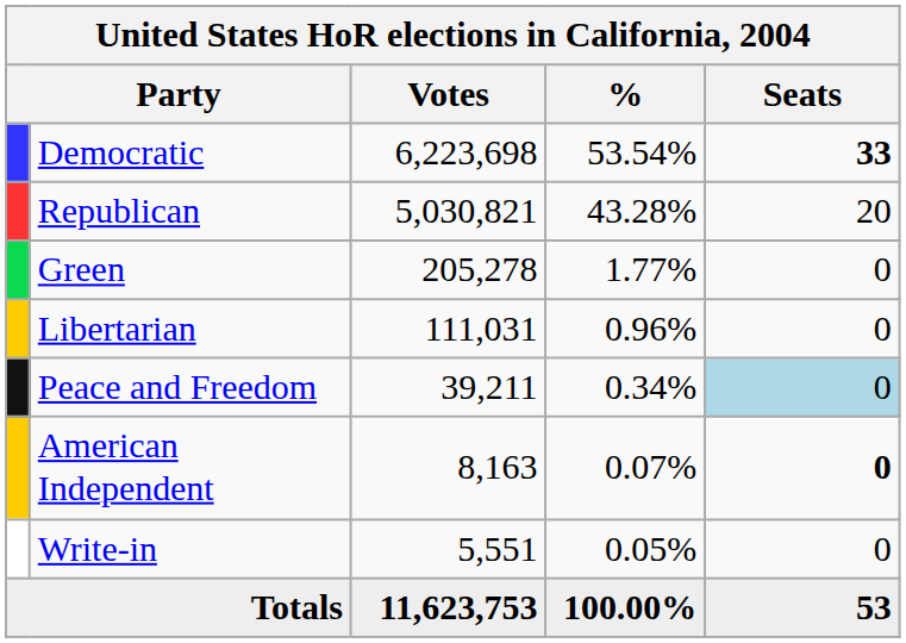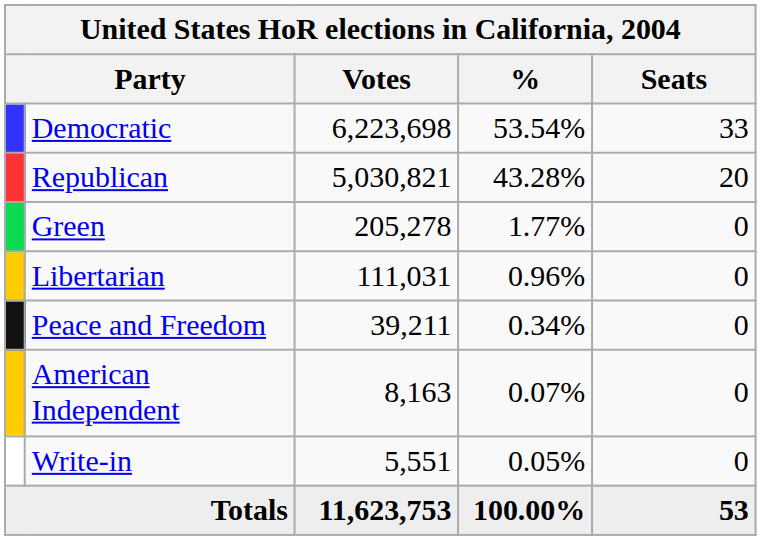 <table class="wikitable" style="font-size: 95%;">
 <tr>
 <th colspan="7">United States HoR elections in California, 2004</th>
 </tr>
 <tr>
 <th colspan=2 style="width: 5em">Party</th>
 <th style="width: 5em">Votes</th>
 <th style="width: 4em">%</th>
 <th style="width: 5em">Seats</th>
 </tr>
 <tr>
 <th style="background-color:#3333FF; width: 3px"></th>
 <td style="width: 130px"><a href='#'>Democratic</a></td>
 <td align="right">6,223,698</td>
 <td align="right">53.54%</td>
-<td align="right"><strong>33</strong></td>
+<td align="right">33</td>
 </tr>
 <tr>
 <th style="background-color:#FF3333; width: 3px"></th>
 <td style="width: 130px"><a href='#'>Republican</a></td>
 <td align="right">5,030,821</td>
 <td align="right">43.28%</td>
 <td align="right">20</td>
 </tr>
 <tr>
 <th style="background-color:#0BDA51; width: 3px"></th>
 <td style="width: 130px"><a href='#'>Green</a></td>
 <td align="right">205,278</td>
 <td align="right">1.77%</td>
 <td align="right">0</td>
 </tr>
 <tr>
 <th style="background-color:#FFCC00; width: 3px"></th>
 <td style="width: 130px"><a href='#'>Libertarian</a></td>
 <td align="right">111,031</td>
 <td align="right">0.96%</td>
 <td align="right">0</td>
 </tr>
 <tr>
 <th style="background-color:#111111; width: 3px"></th>
 <td style="width: 130px"><a href='#'>Peace and Freedom</a></td>
 <td align="right">39,211</td>
 <td align="right">0.34%</td>
-<td align="right" style="background: lightblue;">0</td>
+<td align="right">0</td>
 </tr>
 <tr>
 <th style="background-color:#FFCC00; width: 3px"></th>
 <td style="width: 130px"><a href='#'>American Independent</a></td>
 <td align="right">8,163</td>
 <td align="right">0.07%</td>
-<td align="right"><strong>0</strong></td>
+<td align="right">0</td>
 </tr>
 <tr>
 <th style="background-color:#FFFFFF; width: 3px"></th>
 <td style="width: 130px"><a href='#'>Write-in</a></td>
 <td align="right">5,551</td>
 <td align="right">0.05%</td>
 <td align="right">0</td>
 </tr>
 <tr bgcolor="#EEEEEE">
 <td colspan="2" align="right"><strong>Totals</strong></td>
 <td align="right"><strong>11,623,753</strong></td>
 <td align="right"><strong>100.00%</strong></td>
 <td align="right"><strong>53</strong></td>
 </tr>
 </table>
